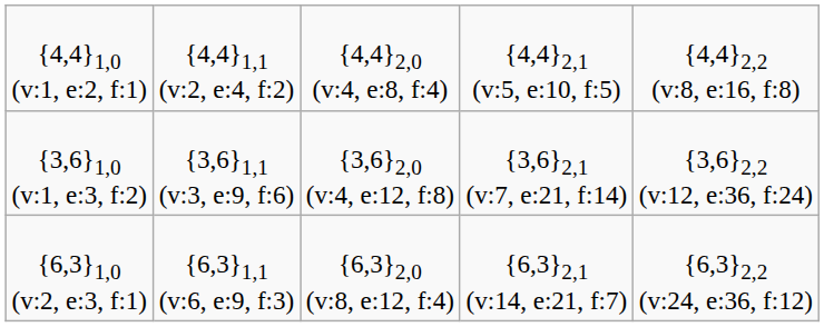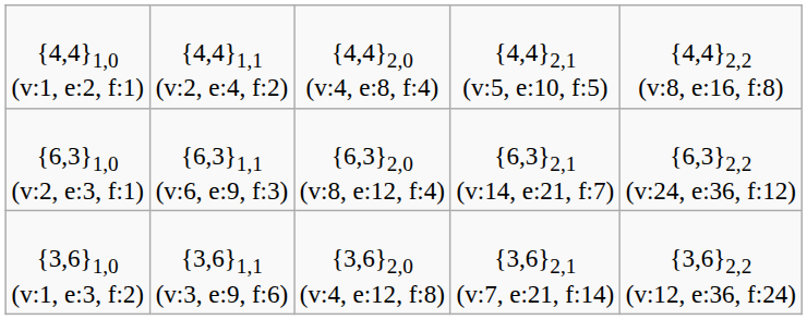 <table class="wikitable" style="float:right;">
 <tr align=center>
 <td><br>{4,4}<sub>1,0</sub><br>(v:1, e:2, f:1)</td>
 <td><br>{4,4}<sub>1,1</sub><br>(v:2, e:4, f:2)</td>
 <td><br>{4,4}<sub>2,0</sub><br>(v:4, e:8, f:4)</td>
 <td><br>{4,4}<sub>2,1</sub><br>(v:5, e:10, f:5)</td>
 <td><br>{4,4}<sub>2,2</sub><br>(v:8, e:16, f:8)</td>
 </tr>
 <tr align=center>
+<td><br>{6,3}<sub>1,0</sub><br>(v:2, e:3, f:1)</td>
+<td><br>{6,3}<sub>1,1</sub><br>(v:6, e:9, f:3)</td>
+<td><br>{6,3}<sub>2,0</sub><br>(v:8, e:12, f:4)</td>
+<td><br>{6,3}<sub>2,1</sub><br>(v:14, e:21, f:7)</td>
+<td><br>{6,3}<sub>2,2</sub><br>(v:24, e:36, f:12)</td>
+</tr>
+<tr align=center>
 <td><br>{3,6}<sub>1,0</sub><br>(v:1, e:3, f:2)</td>
 <td><br>{3,6}<sub>1,1</sub><br>(v:3, e:9, f:6)</td>
 <td><br>{3,6}<sub>2,0</sub><br>(v:4, e:12, f:8)</td>
 <td><br>{3,6}<sub>2,1</sub><br>(v:7, e:21, f:14)</td>
 <td><br>{3,6}<sub>2,2</sub><br>(v:12, e:36, f:24)</td>
 </tr>
-<tr align=center>
-<td><br>{6,3}<sub>1,0</sub><br>(v:2, e:3, f:1)</td>
-<td><br>{6,3}<sub>1,1</sub><br>(v:6, e:9, f:3)</td>
-<td><br>{6,3}<sub>2,0</sub><br>(v:8, e:12, f:4)</td>
-<td><br>{6,3}<sub>2,1</sub><br>(v:14, e:21, f:7)</td>
-<td><br>{6,3}<sub>2,2</sub><br>(v:24, e:36, f:12)</td>
-</tr>
 </table>
